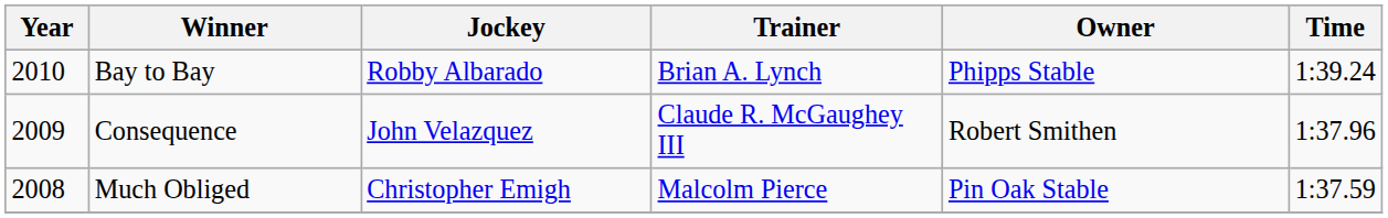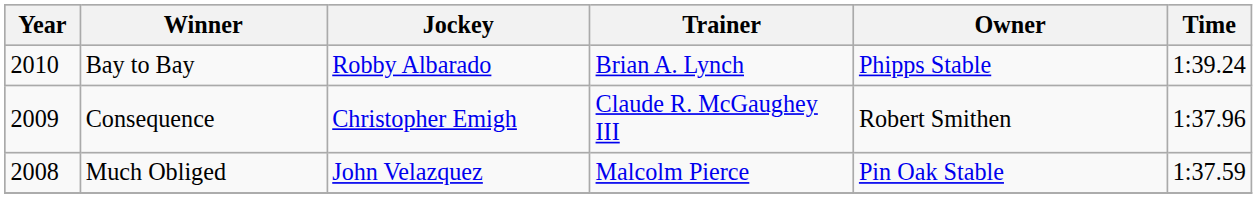 <table class="wikitable sortable" style="font-size:90%">
 <tr>
 <th style="width:38px">Year<br></th>
 <th style="width:140px">Winner<br></th>
 <th style="width:150px">Jockey<br></th>
 <th style="width:150px">Trainer<br></th>
 <th style="width:180px">Owner<br></th>
 <th>Time<br></th>
 </tr>
 <tr>
 <td>2010</td>
 <td>Bay to Bay</td>
 <td><a href='#'>Robby Albarado</a></td>
 <td><a href='#'>Brian A. Lynch</a></td>
 <td><a href='#'>Phipps Stable</a></td>
 <td>1:39.24</td>
 </tr>
 <tr>
 <td>2009</td>
 <td>Consequence</td>
-<td><a href='#'>John Velazquez</a></td>
+<td><a href='#'>Christopher Emigh</a></td>
 <td><a href='#'>Claude R. McGaughey III</a></td>
 <td>Robert Smithen</td>
 <td>1:37.96</td>
 </tr>
 <tr>
 <td>2008</td>
 <td>Much Obliged</td>
-<td><a href='#'>Christopher Emigh</a></td>
+<td><a href='#'>John Velazquez</a></td>
 <td><a href='#'>Malcolm Pierce</a></td>
 <td><a href='#'>Pin Oak Stable</a></td>
 <td>1:37.59</td>
 </tr>
 <tr>
 </tr>
 </table>
